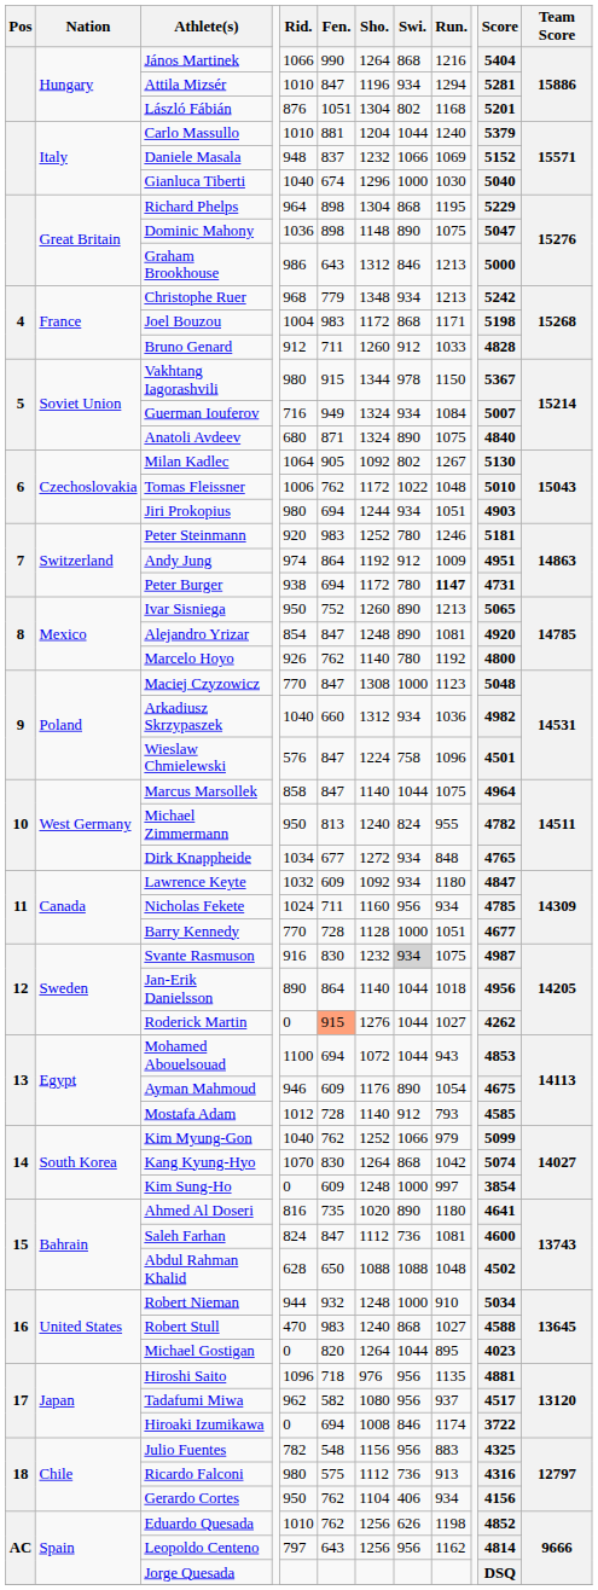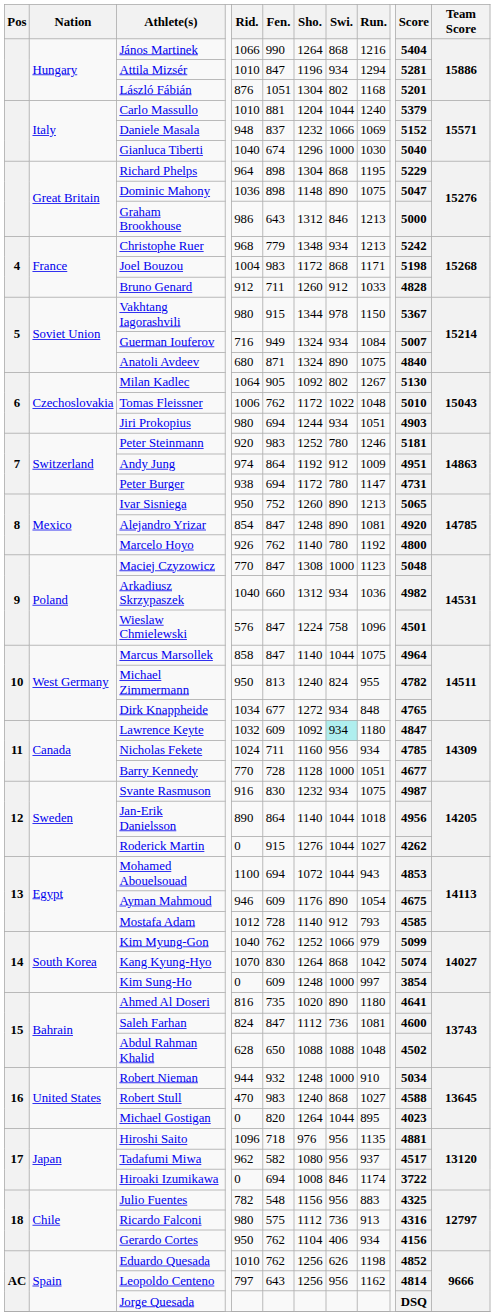 <table class="wikitable">
 <tr>
 <th bgcolor="#efefef">Pos</th>
 <th bgcolor="#efefef">Nation</th>
 <th bgcolor="#efefef">Athlete(s)</th>
 <td rowspan="66"></td>
 <th>Rid.</th>
 <th>Fen.</th>
 <th>Sho.</th>
 <th>Swi.</th>
 <th>Run.</th>
 <td rowspan="66"></td>
 <th bgcolor="#efefef">Score</th>
 <th bgcolor="#efefef">Team Score</th>
 </tr>
 <tr>
 <th rowspan="3"></th>
 <td rowspan="3"> <a href='#'>Hungary</a></td>
 <td><a href='#'>János Martinek</a></td>
 <td>1066</td>
 <td>990</td>
 <td>1264</td>
 <td>868</td>
 <td>1216</td>
 <th>5404</th>
 <th rowspan="3">15886</th>
 </tr>
 <tr>
 <td><a href='#'>Attila Mizsér</a></td>
 <td>1010</td>
 <td>847</td>
 <td>1196</td>
 <td>934</td>
 <td>1294</td>
 <th>5281</th>
 </tr>
 <tr>
 <td><a href='#'>László Fábián</a></td>
 <td>876</td>
 <td>1051</td>
 <td>1304</td>
 <td>802</td>
 <td>1168</td>
 <th>5201</th>
 </tr>
 <tr>
 <th rowspan="3"></th>
 <td rowspan="3"> <a href='#'>Italy</a></td>
 <td><a href='#'>Carlo Massullo</a></td>
 <td>1010</td>
 <td>881</td>
 <td>1204</td>
 <td>1044</td>
 <td>1240</td>
 <th>5379</th>
 <th rowspan="3">15571</th>
 </tr>
 <tr>
 <td><a href='#'>Daniele Masala</a></td>
 <td>948</td>
 <td>837</td>
 <td>1232</td>
 <td>1066</td>
 <td>1069</td>
 <th>5152</th>
 </tr>
 <tr>
 <td><a href='#'>Gianluca Tiberti</a></td>
 <td>1040</td>
 <td>674</td>
 <td>1296</td>
 <td>1000</td>
 <td>1030</td>
 <th>5040</th>
 </tr>
 <tr>
 <th rowspan="3"></th>
 <td rowspan="3"> <a href='#'>Great Britain</a></td>
 <td><a href='#'>Richard Phelps</a></td>
 <td>964</td>
 <td>898</td>
 <td>1304</td>
 <td>868</td>
 <td>1195</td>
 <th>5229</th>
 <th rowspan="3">15276</th>
 </tr>
 <tr>
 <td><a href='#'>Dominic Mahony</a></td>
 <td>1036</td>
 <td>898</td>
 <td>1148</td>
 <td>890</td>
 <td>1075</td>
 <th>5047</th>
 </tr>
 <tr>
 <td><a href='#'>Graham Brookhouse</a></td>
 <td>986</td>
 <td>643</td>
 <td>1312</td>
 <td>846</td>
 <td>1213</td>
 <th>5000</th>
 </tr>
 <tr>
 <th rowspan="3">4</th>
 <td rowspan="3"> <a href='#'>France</a></td>
 <td><a href='#'>Christophe Ruer</a></td>
 <td>968</td>
 <td>779</td>
 <td>1348</td>
 <td>934</td>
 <td>1213</td>
 <th>5242</th>
 <th rowspan="3">15268</th>
 </tr>
 <tr>
 <td><a href='#'>Joel Bouzou</a></td>
 <td>1004</td>
 <td>983</td>
 <td>1172</td>
 <td>868</td>
 <td>1171</td>
 <th>5198</th>
 </tr>
 <tr>
 <td><a href='#'>Bruno Genard</a></td>
 <td>912</td>
 <td>711</td>
 <td>1260</td>
 <td>912</td>
 <td>1033</td>
 <th>4828</th>
 </tr>
 <tr>
 <th rowspan="3">5</th>
 <td rowspan="3"> <a href='#'>Soviet Union</a></td>
 <td><a href='#'>Vakhtang Iagorashvili</a></td>
 <td>980</td>
 <td>915</td>
 <td>1344</td>
 <td>978</td>
 <td>1150</td>
 <th>5367</th>
 <th rowspan="3">15214</th>
 </tr>
 <tr>
 <td><a href='#'>Guerman Iouferov</a></td>
 <td>716</td>
 <td>949</td>
 <td>1324</td>
 <td>934</td>
 <td>1084</td>
 <th>5007</th>
 </tr>
 <tr>
 <td><a href='#'>Anatoli Avdeev</a></td>
 <td>680</td>
 <td>871</td>
 <td>1324</td>
 <td>890</td>
 <td>1075</td>
 <th>4840</th>
 </tr>
 <tr>
 <th rowspan="3">6</th>
 <td rowspan="3"> <a href='#'>Czechoslovakia</a></td>
 <td><a href='#'>Milan Kadlec</a></td>
 <td>1064</td>
 <td>905</td>
 <td>1092</td>
 <td>802</td>
 <td>1267</td>
 <th>5130</th>
 <th rowspan="3">15043</th>
 </tr>
 <tr>
 <td><a href='#'>Tomas Fleissner</a></td>
 <td>1006</td>
 <td>762</td>
 <td>1172</td>
 <td>1022</td>
 <td>1048</td>
 <th>5010</th>
 </tr>
 <tr>
 <td><a href='#'>Jiri Prokopius</a></td>
 <td>980</td>
 <td>694</td>
 <td>1244</td>
 <td>934</td>
 <td>1051</td>
 <th>4903</th>
 </tr>
 <tr>
 <th rowspan="3">7</th>
 <td rowspan="3"> <a href='#'>Switzerland</a></td>
 <td><a href='#'>Peter Steinmann</a></td>
 <td>920</td>
 <td>983</td>
 <td>1252</td>
 <td>780</td>
 <td>1246</td>
 <th>5181</th>
 <th rowspan="3">14863</th>
 </tr>
 <tr>
 <td><a href='#'>Andy Jung</a></td>
 <td>974</td>
 <td>864</td>
 <td>1192</td>
 <td>912</td>
 <td>1009</td>
 <th>4951</th>
 </tr>
 <tr>
 <td><a href='#'>Peter Burger</a></td>
 <td>938</td>
 <td>694</td>
 <td>1172</td>
 <td>780</td>
-<td><strong>1147</strong></td>
+<td>1147</td>
 <th>4731</th>
 </tr>
 <tr>
 <th rowspan="3">8</th>
 <td rowspan="3"> <a href='#'>Mexico</a></td>
 <td><a href='#'>Ivar Sisniega</a></td>
 <td>950</td>
 <td>752</td>
 <td>1260</td>
 <td>890</td>
 <td>1213</td>
 <th>5065</th>
 <th rowspan="3">14785</th>
 </tr>
 <tr>
 <td><a href='#'>Alejandro Yrizar</a></td>
 <td>854</td>
 <td>847</td>
 <td>1248</td>
 <td>890</td>
 <td>1081</td>
 <th>4920</th>
 </tr>
 <tr>
 <td><a href='#'>Marcelo Hoyo</a></td>
 <td>926</td>
 <td>762</td>
 <td>1140</td>
 <td>780</td>
 <td>1192</td>
 <th>4800</th>
 </tr>
 <tr>
 <th rowspan="3">9</th>
 <td rowspan="3"> <a href='#'>Poland</a></td>
 <td><a href='#'>Maciej Czyzowicz</a></td>
 <td>770</td>
 <td>847</td>
 <td>1308</td>
 <td>1000</td>
 <td>1123</td>
 <th>5048</th>
 <th rowspan="3">14531</th>
 </tr>
 <tr>
 <td><a href='#'>Arkadiusz Skrzypaszek</a></td>
 <td>1040</td>
 <td>660</td>
 <td>1312</td>
 <td>934</td>
 <td>1036</td>
 <th>4982</th>
 </tr>
 <tr>
 <td><a href='#'>Wieslaw Chmielewski</a></td>
 <td>576</td>
 <td>847</td>
 <td>1224</td>
 <td>758</td>
 <td>1096</td>
 <th>4501</th>
 </tr>
 <tr>
 <th rowspan="3">10</th>
 <td rowspan="3"> <a href='#'>West Germany</a></td>
 <td><a href='#'>Marcus Marsollek</a></td>
 <td>858</td>
 <td>847</td>
 <td>1140</td>
 <td>1044</td>
 <td>1075</td>
 <th>4964</th>
 <th rowspan="3">14511</th>
 </tr>
 <tr>
 <td><a href='#'>Michael Zimmermann</a></td>
 <td>950</td>
 <td>813</td>
 <td>1240</td>
 <td>824</td>
 <td>955</td>
 <th>4782</th>
 </tr>
 <tr>
 <td><a href='#'>Dirk Knappheide</a></td>
 <td>1034</td>
 <td>677</td>
 <td>1272</td>
 <td>934</td>
 <td>848</td>
 <th>4765</th>
 </tr>
 <tr>
 <th rowspan="3">11</th>
 <td rowspan="3"> <a href='#'>Canada</a></td>
 <td><a href='#'>Lawrence Keyte</a></td>
 <td>1032</td>
 <td>609</td>
 <td>1092</td>
-<td>934</td>
+<td style="background: paleturquoise;">934</td>
 <td>1180</td>
 <th>4847</th>
 <th rowspan="3">14309</th>
 </tr>
 <tr>
 <td><a href='#'>Nicholas Fekete</a></td>
 <td>1024</td>
 <td>711</td>
 <td>1160</td>
 <td>956</td>
 <td>934</td>
 <th>4785</th>
 </tr>
 <tr>
 <td><a href='#'>Barry Kennedy</a></td>
 <td>770</td>
 <td>728</td>
 <td>1128</td>
 <td>1000</td>
 <td>1051</td>
 <th>4677</th>
 </tr>
 <tr>
 <th rowspan="3">12</th>
 <td rowspan="3"> <a href='#'>Sweden</a></td>
 <td><a href='#'>Svante Rasmuson</a></td>
 <td>916</td>
 <td>830</td>
 <td>1232</td>
-<td style="background: lightgrey;">934</td>
+<td>934</td>
 <td>1075</td>
 <th>4987</th>
 <th rowspan="3">14205</th>
 </tr>
 <tr>
 <td><a href='#'>Jan-Erik Danielsson</a></td>
 <td>890</td>
 <td>864</td>
 <td>1140</td>
 <td>1044</td>
 <td>1018</td>
 <th>4956</th>
 </tr>
 <tr>
 <td><a href='#'>Roderick Martin</a></td>
 <td>0</td>
-<td style="background: lightsalmon;">915</td>
+<td>915</td>
 <td>1276</td>
 <td>1044</td>
 <td>1027</td>
 <th>4262</th>
 </tr>
 <tr>
 <th rowspan="3">13</th>
 <td rowspan="3"> <a href='#'>Egypt</a></td>
 <td><a href='#'>Mohamed Abouelsouad</a></td>
 <td>1100</td>
 <td>694</td>
 <td>1072</td>
 <td>1044</td>
 <td>943</td>
 <th>4853</th>
 <th rowspan="3">14113</th>
 </tr>
 <tr>
 <td><a href='#'>Ayman Mahmoud</a></td>
 <td>946</td>
 <td>609</td>
 <td>1176</td>
 <td>890</td>
 <td>1054</td>
 <th>4675</th>
 </tr>
 <tr>
 <td><a href='#'>Mostafa Adam</a></td>
 <td>1012</td>
 <td>728</td>
 <td>1140</td>
 <td>912</td>
 <td>793</td>
 <th>4585</th>
 </tr>
 <tr>
 <th rowspan="3">14</th>
 <td rowspan="3"> <a href='#'>South Korea</a></td>
 <td><a href='#'>Kim Myung-Gon</a></td>
 <td>1040</td>
 <td>762</td>
 <td>1252</td>
 <td>1066</td>
 <td>979</td>
 <th>5099</th>
 <th rowspan="3">14027</th>
 </tr>
 <tr>
 <td><a href='#'>Kang Kyung-Hyo</a></td>
 <td>1070</td>
 <td>830</td>
 <td>1264</td>
 <td>868</td>
 <td>1042</td>
 <th>5074</th>
 </tr>
 <tr>
 <td><a href='#'>Kim Sung-Ho</a></td>
 <td>0</td>
 <td>609</td>
 <td>1248</td>
 <td>1000</td>
 <td>997</td>
 <th>3854</th>
 </tr>
 <tr>
 <th rowspan="3">15</th>
 <td rowspan="3"> <a href='#'>Bahrain</a></td>
 <td><a href='#'>Ahmed Al Doseri</a></td>
 <td>816</td>
 <td>735</td>
 <td>1020</td>
 <td>890</td>
 <td>1180</td>
 <th>4641</th>
 <th rowspan="3">13743</th>
 </tr>
 <tr>
 <td><a href='#'>Saleh Farhan</a></td>
 <td>824</td>
 <td>847</td>
 <td>1112</td>
 <td>736</td>
 <td>1081</td>
 <th>4600</th>
 </tr>
 <tr>
 <td><a href='#'>Abdul Rahman Khalid</a></td>
 <td>628</td>
 <td>650</td>
 <td>1088</td>
 <td>1088</td>
 <td>1048</td>
 <th>4502</th>
 </tr>
 <tr>
 <th rowspan="3">16</th>
 <td rowspan="3"> <a href='#'>United States</a></td>
 <td><a href='#'>Robert Nieman</a></td>
 <td>944</td>
 <td>932</td>
 <td>1248</td>
 <td>1000</td>
 <td>910</td>
 <th>5034</th>
 <th rowspan="3">13645</th>
 </tr>
 <tr>
 <td><a href='#'>Robert Stull</a></td>
 <td>470</td>
 <td>983</td>
 <td>1240</td>
 <td>868</td>
 <td>1027</td>
 <th>4588</th>
 </tr>
 <tr>
 <td><a href='#'>Michael Gostigan</a></td>
 <td>0</td>
 <td>820</td>
 <td>1264</td>
 <td>1044</td>
 <td>895</td>
 <th>4023</th>
 </tr>
 <tr>
 <th rowspan="3">17</th>
 <td rowspan="3"> <a href='#'>Japan</a></td>
 <td><a href='#'>Hiroshi Saito</a></td>
 <td>1096</td>
 <td>718</td>
 <td>976</td>
 <td>956</td>
 <td>1135</td>
 <th>4881</th>
 <th rowspan="3">13120</th>
 </tr>
 <tr>
 <td><a href='#'>Tadafumi Miwa</a></td>
 <td>962</td>
 <td>582</td>
 <td>1080</td>
 <td>956</td>
 <td>937</td>
 <th>4517</th>
 </tr>
 <tr>
 <td><a href='#'>Hiroaki Izumikawa</a></td>
 <td>0</td>
 <td>694</td>
 <td>1008</td>
 <td>846</td>
 <td>1174</td>
 <th>3722</th>
 </tr>
 <tr>
 <th rowspan="3">18</th>
 <td rowspan="3"> <a href='#'>Chile</a></td>
 <td><a href='#'>Julio Fuentes</a></td>
 <td>782</td>
 <td>548</td>
 <td>1156</td>
 <td>956</td>
 <td>883</td>
 <th>4325</th>
 <th rowspan="3">12797</th>
 </tr>
 <tr>
 <td><a href='#'>Ricardo Falconi</a></td>
 <td>980</td>
 <td>575</td>
 <td>1112</td>
 <td>736</td>
 <td>913</td>
 <th>4316</th>
 </tr>
 <tr>
 <td><a href='#'>Gerardo Cortes</a></td>
 <td>950</td>
 <td>762</td>
 <td>1104</td>
 <td>406</td>
 <td>934</td>
 <th>4156</th>
 </tr>
 <tr>
 <th rowspan="3">AC</th>
 <td rowspan="3"> <a href='#'>Spain</a></td>
 <td><a href='#'>Eduardo Quesada</a></td>
 <td>1010</td>
 <td>762</td>
 <td>1256</td>
 <td>626</td>
 <td>1198</td>
 <th>4852</th>
 <th rowspan="3">9666</th>
 </tr>
 <tr>
 <td><a href='#'>Leopoldo Centeno</a></td>
 <td>797</td>
 <td>643</td>
 <td>1256</td>
 <td>956</td>
 <td>1162</td>
 <th>4814</th>
 </tr>
 <tr>
 <td><a href='#'>Jorge Quesada</a></td>
 <td></td>
 <td></td>
 <td></td>
 <td></td>
 <td></td>
 <th>DSQ</th>
 </tr>
 <tr>
 </tr>
 </table>
